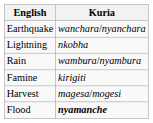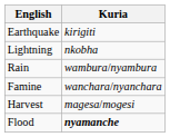 <table class="wikitable" style="display: inline-table;">
 <tr>
 <th>English</th>
 <th>Kuria</th>
 </tr>
 <tr>
 <td>Earthquake</td>
-<td><em>wanchara</em>/<em>nyanchara</em></td>
+<td><em>kirigiti</em></td>
 </tr>
 <tr>
 <td>Lightning</td>
 <td><em>nkobha</em></td>
 </tr>
 <tr>
 <td>Rain</td>
 <td><em>wambura</em>/<em>nyambura</em></td>
 </tr>
 <tr>
 <td>Famine</td>
-<td><em>kirigiti</em></td>
+<td><em>wanchara</em>/<em>nyanchara</em></td>
 </tr>
 <tr>
 <td>Harvest</td>
 <td><em>magesa</em>/<em>mogesi</em></td>
 </tr>
 <tr>
 <td>Flood</td>
 <td><strong><em>nyamanche</em></strong></td>
 </tr>
 </table>
